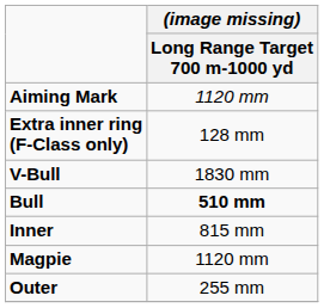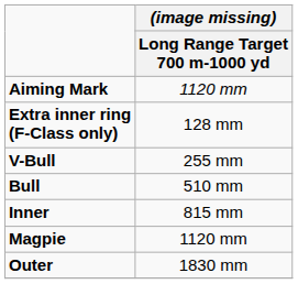 <table class="wikitable">
 <tr>
 <td rowspan="2" style="text-align: center;"></td>
 <th colspan="7" style="text-align: center;"><em>(image missing)</em></th>
 </tr>
 <tr>
 <th style="text-align: center;">Long Range Target <br>700 m-1000 yd</th>
 </tr>
 <tr>
 <td><strong>Aiming Mark</strong></td>
 <td style="text-align: center;"><em>1120 mm</em></td>
 </tr>
 <tr>
 <td><strong>Extra inner ring <br>(F-Class only)</strong></td>
 <td style="text-align: center;">128 mm</td>
 </tr>
 <tr>
 <td><strong>V-Bull</strong></td>
-<td style="text-align: center;">1830 mm</td>
+<td style="text-align: center;">255 mm</td>
 </tr>
 <tr>
 <td><strong>Bull</strong></td>
-<td style="text-align: center;"><strong>510 mm</strong></td>
+<td style="text-align: center;">510 mm</td>
 </tr>
 <tr>
 <td><strong>Inner</strong></td>
 <td style="text-align: center;">815 mm</td>
 </tr>
 <tr>
 <td><strong>Magpie</strong></td>
 <td style="text-align: center;">1120 mm</td>
 </tr>
 <tr>
 <td><strong>Outer</strong></td>
-<td style="text-align: center;">255 mm</td>
+<td style="text-align: center;">1830 mm</td>
 </tr>
 <tr>
 </tr>
 </table>
